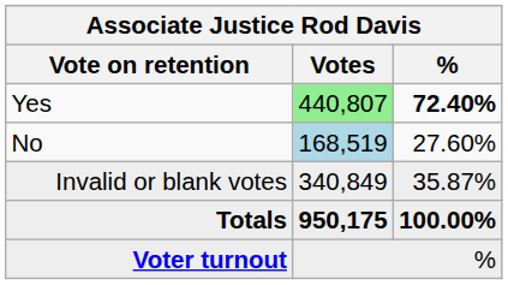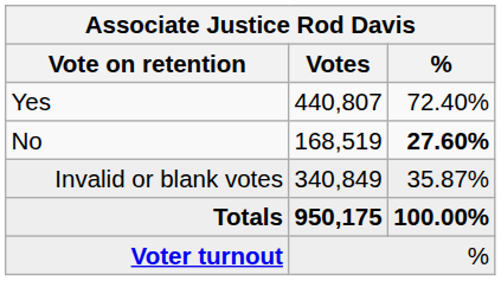 <table class="wikitable" style="font-size: 95%;">
 <tr style="background-color:#E9E9E9">
 <th colspan=7>Associate Justice Rod Davis</th>
 </tr>
 <tr style="background-color:#E9E9E9">
 <th style="width: 170px">Vote on retention</th>
 <th style="width: 50px">Votes</th>
 <th style="width: 40px">%</th>
 </tr>
 <tr>
 <td>Yes</td>
-<td align="right" style="background: lightgreen;">440,807</td>
-<td align="right"><strong>72.40%</strong></td>
+<td align="right">440,807</td>
+<td align="right">72.40%</td>
 </tr>
 <tr>
 <td>No</td>
-<td align="right" style="background: lightblue;">168,519</td>
-<td align="right">27.60%</td>
+<td align="right">168,519</td>
+<td align="right"><strong>27.60%</strong></td>
 </tr>
 <tr bgcolor="#EEEEEE">
 <td align="right">Invalid or blank votes</td>
 <td align="right">340,849</td>
 <td align="right">35.87%</td>
 </tr>
 <tr bgcolor="#EEEEEE">
 <td align="right"><strong>Totals</strong></td>
 <td align="right"><strong>950,175</strong></td>
 <td align="right"><strong>100.00%</strong></td>
 </tr>
 <tr bgcolor="#EEEEEE">
 <td align="right"><strong><a href='#'>Voter turnout</a></strong></td>
 <td colspan="2" align="right">%</td>
 </tr>
 </table>
